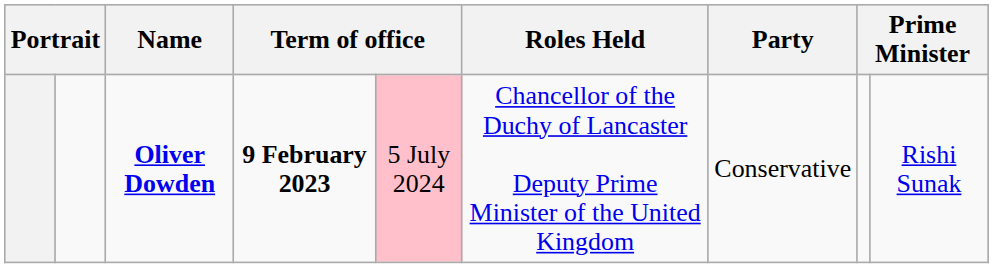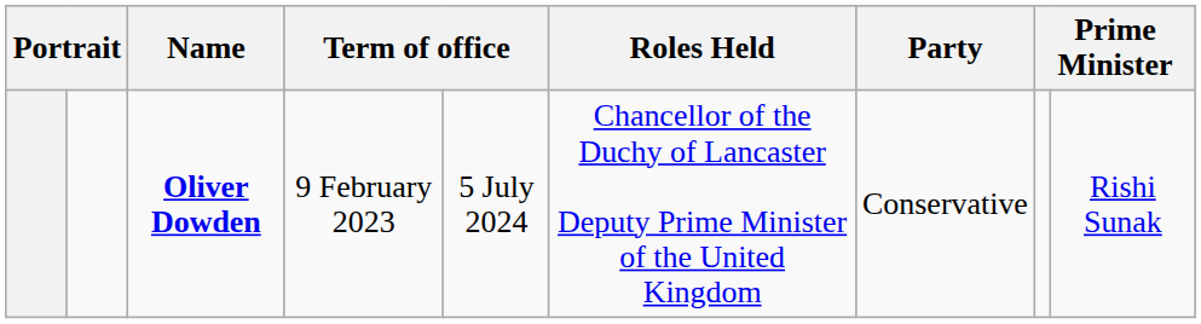 <table class="wikitable" style="text-align:center">
 <tr>
 <th colspan=2>Portrait</th>
 <th>Name<br></th>
 <th colspan=2>Term of office</th>
 <th>Roles Held</th>
 <th>Party</th>
 <th colspan=2>Prime Minister</th>
 </tr>
 <tr>
 <th style="background-color: "></th>
 <td></td>
 <td><strong><a href='#'>Oliver Dowden</a></strong><br></td>
-<td><strong>9 February 2023</strong></td>
-<td style="background: pink;">5 July 2024</td>
+<td>9 February 2023</td>
+<td>5 July 2024</td>
 <td><a href='#'>Chancellor of the Duchy of Lancaster</a><br><br><a href='#'>Deputy Prime Minister of the United Kingdom</a><br></td>
 <td>Conservative</td>
 <td style="background-color: "></td>
 <td><a href='#'>Rishi Sunak</a></td>
 </tr>
 </table>
